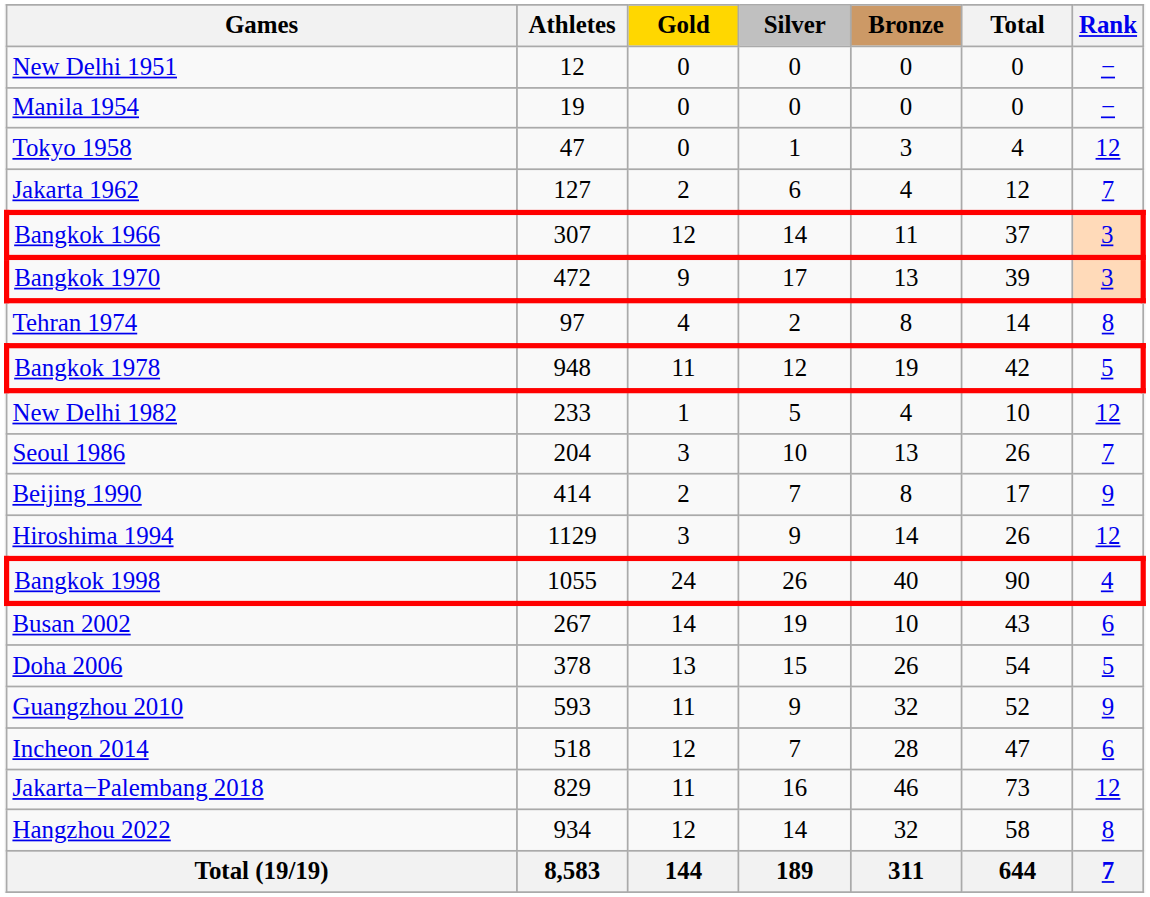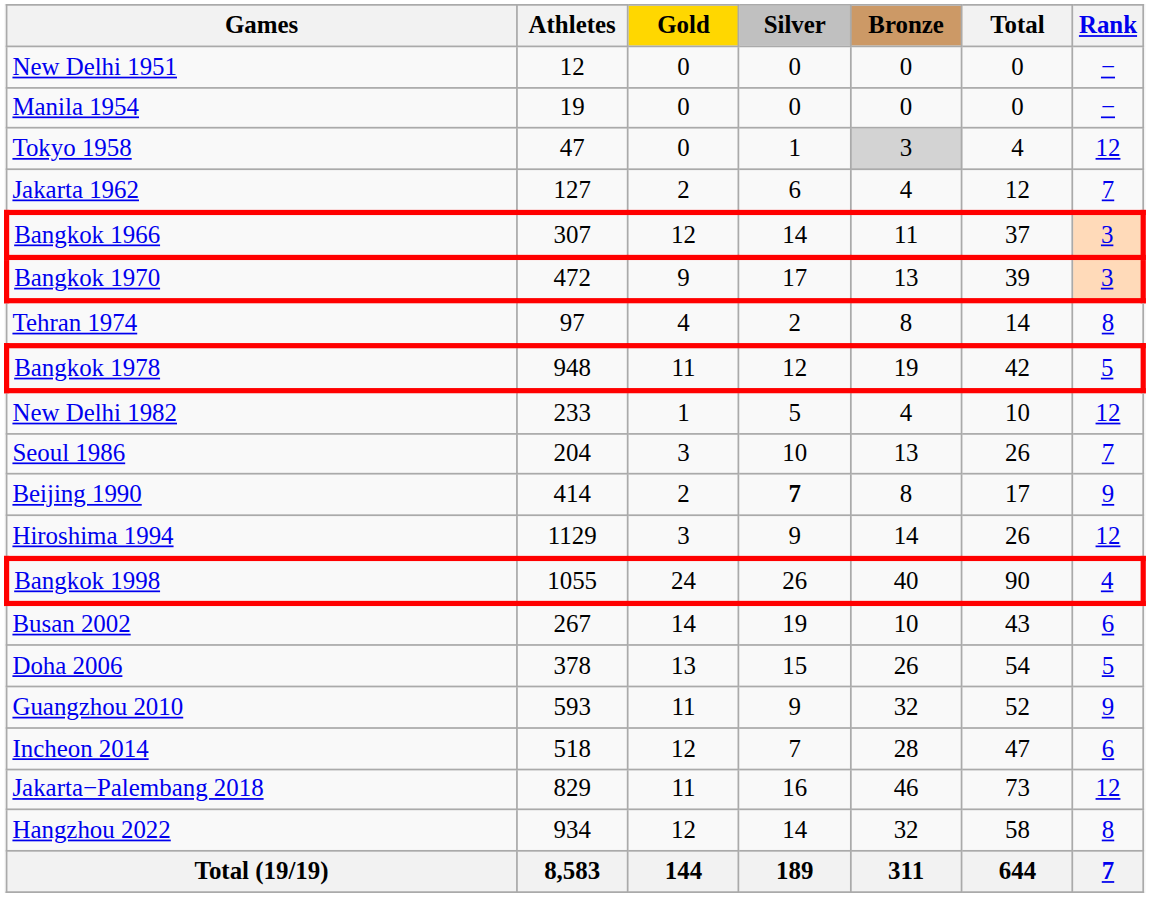 <table class="wikitable sortable" style="margin-top:0em; text-align:center; font-size:90%;">
 <tr>
 <th style="width:20em;">Games</th>
 <th style="width:4em;">Athletes</th>
 <th style="width:4em; background:gold;">Gold</th>
 <th style="width:4em; background:silver;">Silver</th>
 <th style="width:4em; background:#cc9966;">Bronze</th>
 <th style="width:4em;">Total</th>
 <th style="width:2em;"><a href='#'>Rank</a></th>
 </tr>
 <tr>
 <td align=left> <a href='#'>New Delhi 1951</a></td>
 <td>12</td>
 <td>0</td>
 <td>0</td>
 <td>0</td>
 <td>0</td>
 <td><a href='#'>−</a></td>
 </tr>
 <tr>
 <td align=left> <a href='#'>Manila 1954</a></td>
 <td>19</td>
 <td>0</td>
 <td>0</td>
 <td>0</td>
 <td>0</td>
 <td><a href='#'>−</a></td>
 </tr>
 <tr>
 <td align=left> <a href='#'>Tokyo 1958</a></td>
 <td>47</td>
 <td>0</td>
 <td>1</td>
-<td>3</td>
+<td style="background: lightgrey;">3</td>
 <td>4</td>
 <td><a href='#'>12</a></td>
 </tr>
 <tr>
 <td align=left> <a href='#'>Jakarta 1962</a></td>
 <td>127</td>
 <td>2</td>
 <td>6</td>
 <td>4</td>
 <td>12</td>
 <td><a href='#'>7</a></td>
 </tr>
 <tr style="border: 3px solid red">
 <td align=left> <a href='#'>Bangkok 1966</a></td>
 <td>307</td>
 <td>12</td>
 <td>14</td>
 <td>11</td>
 <td>37</td>
 <td bgcolor=ffdab9><a href='#'>3</a></td>
 </tr>
 <tr style="border: 3px solid red">
 <td align=left> <a href='#'>Bangkok 1970</a></td>
 <td>472</td>
 <td>9</td>
 <td>17</td>
 <td>13</td>
 <td>39</td>
 <td bgcolor=ffdab9><a href='#'>3</a></td>
 </tr>
 <tr>
 <td align=left> <a href='#'>Tehran 1974</a></td>
 <td>97</td>
 <td>4</td>
 <td>2</td>
 <td>8</td>
 <td>14</td>
 <td><a href='#'>8</a></td>
 </tr>
 <tr style="border: 3px solid red">
 <td align=left> <a href='#'>Bangkok 1978</a></td>
 <td>948</td>
 <td>11</td>
 <td>12</td>
 <td>19</td>
 <td>42</td>
 <td><a href='#'>5</a></td>
 </tr>
 <tr>
 <td align=left> <a href='#'>New Delhi 1982</a></td>
 <td>233</td>
 <td>1</td>
 <td>5</td>
 <td>4</td>
 <td>10</td>
 <td><a href='#'>12</a></td>
 </tr>
 <tr>
 <td align=left> <a href='#'>Seoul 1986</a></td>
 <td>204</td>
 <td>3</td>
 <td>10</td>
 <td>13</td>
 <td>26</td>
 <td><a href='#'>7</a></td>
 </tr>
 <tr>
 <td align=left> <a href='#'>Beijing 1990</a></td>
 <td>414</td>
 <td>2</td>
-<td>7</td>
+<td><strong>7</strong></td>
 <td>8</td>
 <td>17</td>
 <td><a href='#'>9</a></td>
 </tr>
 <tr>
 <td align=left> <a href='#'>Hiroshima 1994</a></td>
 <td>1129</td>
 <td>3</td>
 <td>9</td>
 <td>14</td>
 <td>26</td>
 <td><a href='#'>12</a></td>
 </tr>
 <tr style="border: 3px solid red">
 <td align=left> <a href='#'>Bangkok 1998</a></td>
 <td>1055</td>
 <td>24</td>
 <td>26</td>
 <td>40</td>
 <td>90</td>
 <td><a href='#'>4</a></td>
 </tr>
 <tr>
 <td align=left> <a href='#'>Busan 2002</a></td>
 <td>267</td>
 <td>14</td>
 <td>19</td>
 <td>10</td>
 <td>43</td>
 <td><a href='#'>6</a></td>
 </tr>
 <tr>
 <td align=left> <a href='#'>Doha 2006</a></td>
 <td>378</td>
 <td>13</td>
 <td>15</td>
 <td>26</td>
 <td>54</td>
 <td><a href='#'>5</a></td>
 </tr>
 <tr>
 <td align=left> <a href='#'>Guangzhou 2010</a></td>
 <td>593</td>
 <td>11</td>
 <td>9</td>
 <td>32</td>
 <td>52</td>
 <td><a href='#'>9</a></td>
 </tr>
 <tr>
 <td align=left> <a href='#'>Incheon 2014</a></td>
 <td>518</td>
 <td>12</td>
 <td>7</td>
 <td>28</td>
 <td>47</td>
 <td><a href='#'>6</a></td>
 </tr>
 <tr>
 <td align=left> <a href='#'>Jakarta−Palembang 2018</a></td>
 <td>829</td>
 <td>11</td>
 <td>16</td>
 <td>46</td>
 <td>73</td>
 <td><a href='#'>12</a></td>
 </tr>
 <tr>
 <td align=left> <a href='#'>Hangzhou 2022</a></td>
 <td>934</td>
 <td>12</td>
 <td>14</td>
 <td>32</td>
 <td>58</td>
 <td><a href='#'>8</a></td>
 </tr>
 <tr>
 <th><strong>Total</strong> (19/19)</th>
 <th><strong>8,583</strong></th>
 <th><strong>144</strong></th>
 <th><strong>189</strong></th>
 <th><strong>311</strong></th>
 <th><strong>644</strong></th>
 <th><strong><a href='#'>7</a></strong></th>
 </tr>
 <tr class="sortbottom">
 </tr>
 </table>
